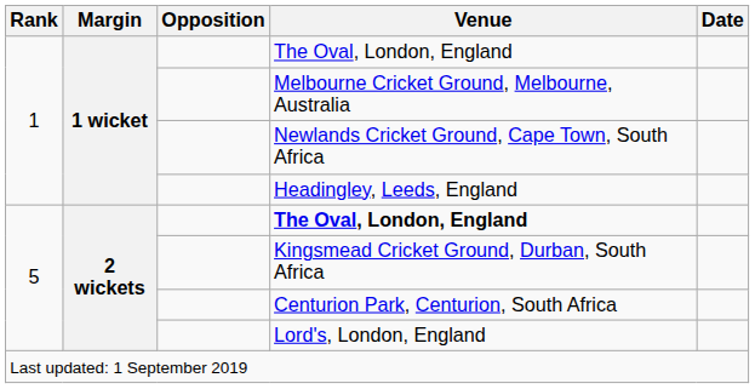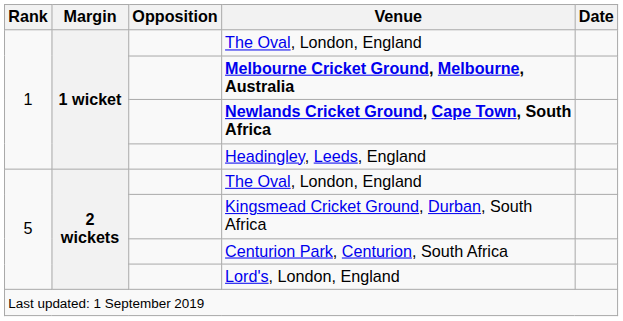 <table class="wikitable plainrowheaders sortable">
 <tr>
 <th scope=col>Rank</th>
 <th scope=col>Margin</th>
 <th scope=col>Opposition</th>
 <th scope=col>Venue</th>
 <th scope=col>Date</th>
 </tr>
 <tr>
 <td align=center rowspan=4>1</td>
 <th scope=row style=text-align:center; rowspan=4>1 wicket</th>
 <td></td>
 <td><a href='#'>The Oval</a>, London, England</td>
 <td><a href='#'></a></td>
 </tr>
 <tr>
 <td></td>
-<td><a href='#'>Melbourne Cricket Ground</a>, <a href='#'>Melbourne</a>, Australia</td>
+<td><strong><a href='#'>Melbourne Cricket Ground</a>, <a href='#'>Melbourne</a>, Australia</strong></td>
 <td><a href='#'></a></td>
 </tr>
 <tr>
 <td></td>
-<td><a href='#'>Newlands Cricket Ground</a>, <a href='#'>Cape Town</a>, South Africa</td>
+<td><strong><a href='#'>Newlands Cricket Ground</a>, <a href='#'>Cape Town</a>, South Africa</strong></td>
 <td><a href='#'></a></td>
 </tr>
 <tr>
 <td></td>
 <td><a href='#'>Headingley</a>, <a href='#'>Leeds</a>, England</td>
 <td><a href='#'></a></td>
 </tr>
 <tr>
 <td align=center rowspan=4>5</td>
 <th scope=row style=text-align:center; rowspan=4>2 wickets</th>
 <td></td>
-<td><strong><a href='#'>The Oval</a>, London, England</strong></td>
+<td><a href='#'>The Oval</a>, London, England</td>
 <td><a href='#'></a></td>
 </tr>
 <tr>
 <td></td>
 <td><a href='#'>Kingsmead Cricket Ground</a>, <a href='#'>Durban</a>, South Africa</td>
 <td><a href='#'></a></td>
 </tr>
 <tr>
 <td></td>
 <td><a href='#'>Centurion Park</a>, <a href='#'>Centurion</a>, South Africa</td>
 <td><a href='#'></a></td>
 </tr>
 <tr>
 <td></td>
 <td><a href='#'>Lord's</a>, London, England</td>
 <td><a href='#'></a></td>
 </tr>
 <tr class=sortbottom>
 <td colspan=5><small>Last updated: 1 September 2019</small></td>
 </tr>
 </table>
